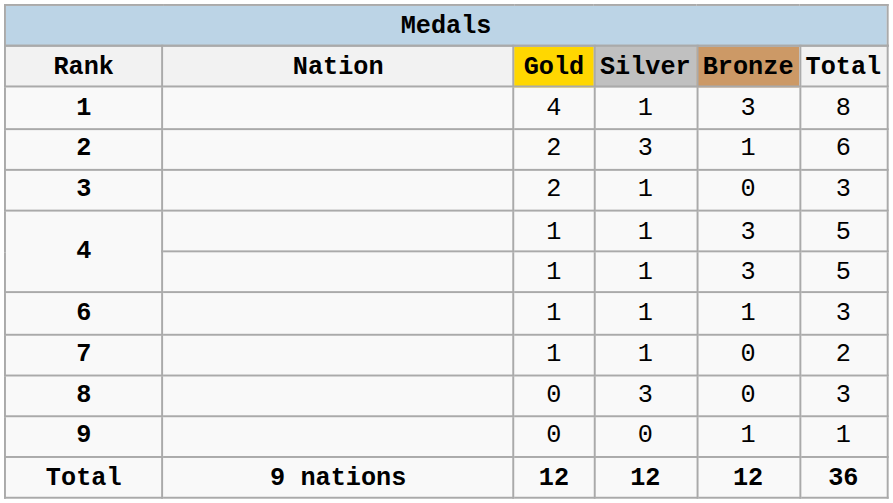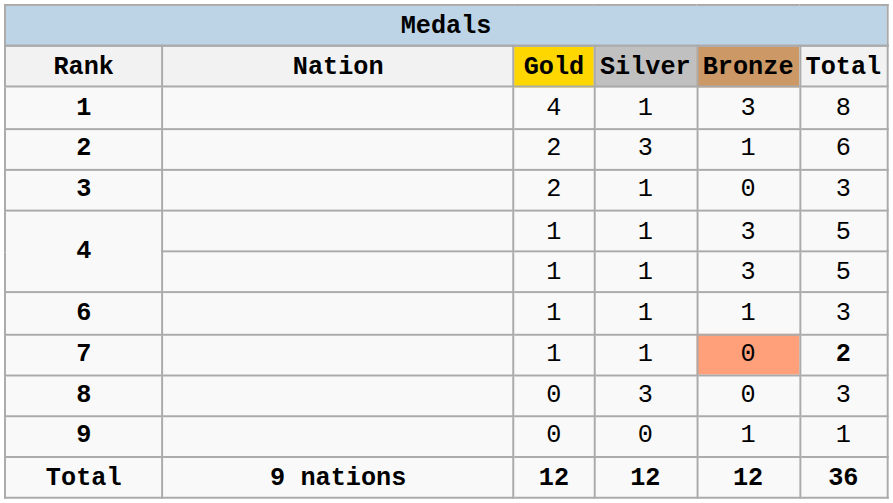 <table class="wikitable" style="text-align:center">
 <tr>
 <td colspan="6" style="background:#BCD4E6"><strong>Medals</strong></td>
 </tr>
 <tr>
 </tr>
 <tr style="background-color:#EDEDED;">
 <th width="75px" class="hintergrundfarbe5">Rank</th>
 <th width="175px" class="hintergrundfarbe6">Nation</th>
 <th style="background:    gold; width:35px ">Gold</th>
 <th style="background:  silver; width:35px ">Silver</th>
 <th style="background: #CC9966; width:35px ">Bronze</th>
 <th width="35px">Total</th>
 </tr>
 <tr>
 <td><strong>1</strong></td>
 <td align="left"></td>
 <td>4</td>
 <td>1</td>
 <td>3</td>
 <td>8</td>
 </tr>
 <tr>
 <td><strong>2</strong></td>
 <td align="left"></td>
 <td>2</td>
 <td>3</td>
 <td>1</td>
 <td>6</td>
 </tr>
 <tr>
 <td><strong>3</strong></td>
 <td align="left"></td>
 <td>2</td>
 <td>1</td>
 <td>0</td>
 <td>3</td>
 </tr>
 <tr>
 <td rowspan="2"><strong>4</strong></td>
 <td align="left"></td>
 <td>1</td>
 <td>1</td>
 <td>3</td>
 <td>5</td>
 </tr>
 <tr>
 <td align="left"></td>
 <td>1</td>
 <td>1</td>
 <td>3</td>
 <td>5</td>
 </tr>
 <tr>
 <td><strong>6</strong></td>
 <td align="left"></td>
 <td>1</td>
 <td>1</td>
 <td>1</td>
 <td>3</td>
 </tr>
 <tr>
 <td><strong>7</strong></td>
 <td align="left"></td>
 <td>1</td>
 <td>1</td>
-<td>0</td>
-<td>2</td>
+<td style="background: lightsalmon;">0</td>
+<td><strong>2</strong></td>
 </tr>
 <tr>
 <td><strong>8</strong></td>
 <td align="left"></td>
 <td>0</td>
 <td>3</td>
 <td>0</td>
 <td>3</td>
 </tr>
 <tr>
 <td><strong>9</strong></td>
 <td align="left"></td>
 <td>0</td>
 <td>0</td>
 <td>1</td>
 <td>1</td>
 </tr>
 <tr>
 <td><strong>Total</strong></td>
 <td><strong>9 nations</strong></td>
 <td><strong>12</strong></td>
 <td><strong>12</strong></td>
 <td><strong>12</strong></td>
 <td><strong>36</strong></td>
 </tr>
 </table>
